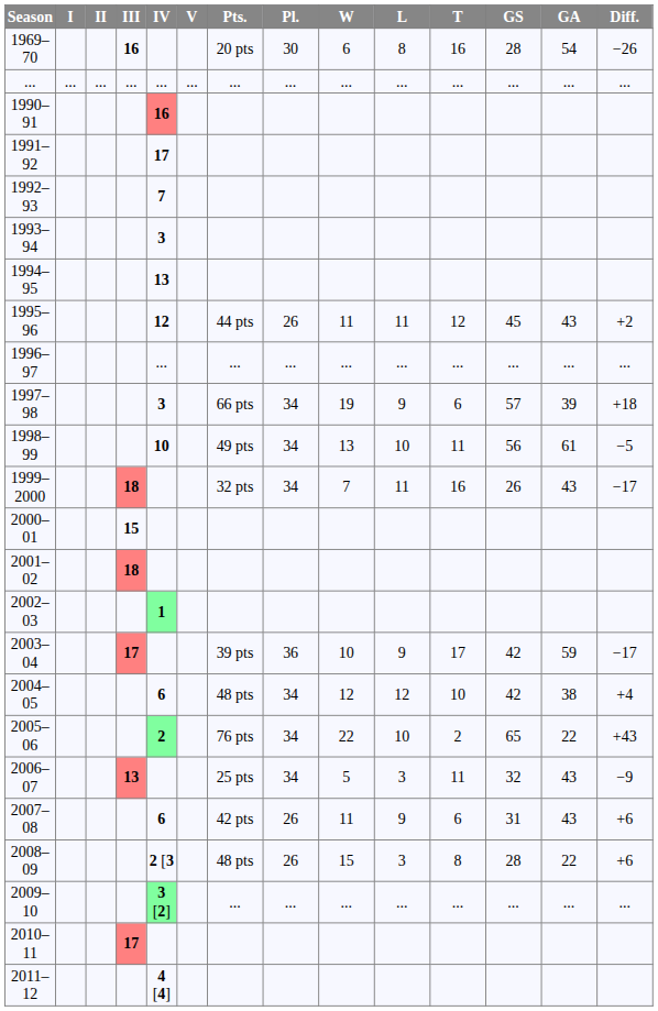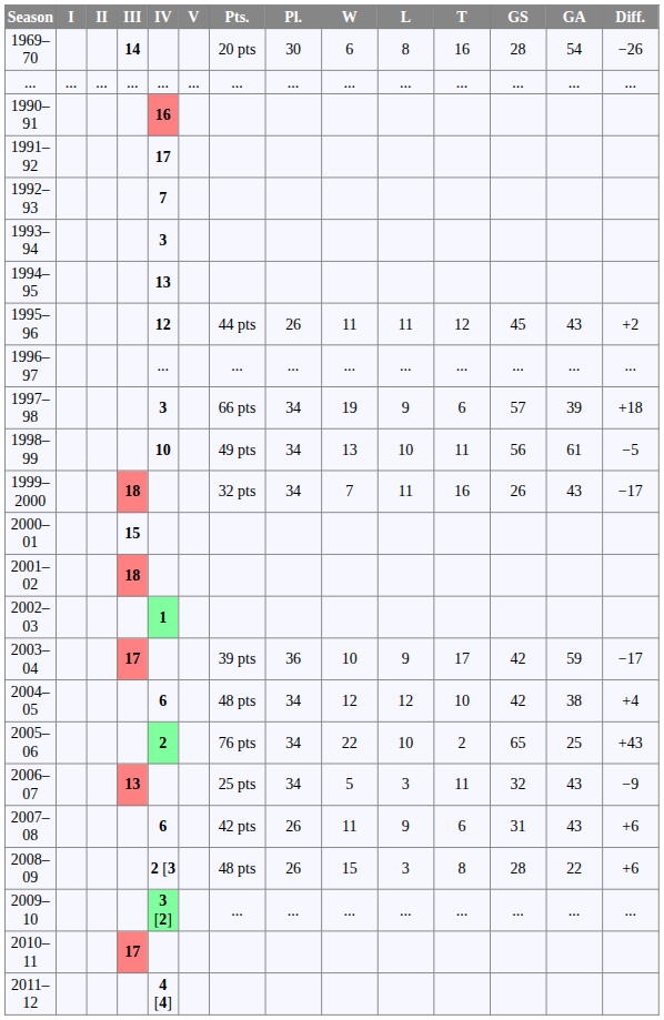 <table bgcolor="#f7f8ff" cellpadding="2" cellspacing="2" border="1" style="font-size: 95%; border: gray solid 1px; border-collapse: collapse; text-align:center">
 <tr bgcolor="#868686" style="color: #ffffff">
 <td width="20" align="center"><strong>Season</strong></td>
 <td width="25" align="center"><strong>I</strong></td>
 <td width="25" align="center"><strong>II</strong></td>
 <td width="25" align="center"><strong>III</strong></td>
 <td width="25" align="center"><strong>IV</strong></td>
 <td width="25" align="center"><strong>V</strong></td>
 <td width="50" align="center"><strong>Pts.</strong></td>
 <td width="50" align="center"><strong>Pl.</strong></td>
 <td width="50" align="center"><strong>W</strong></td>
 <td width="50" align="center"><strong>L</strong></td>
 <td width="50" align="center"><strong>T</strong></td>
 <td width="50" align="center"><strong>GS</strong></td>
 <td width="50" align="center"><strong>GA</strong></td>
 <td width="50" align="center"><strong>Diff.</strong></td>
 </tr>
 <tr>
 <td>1969–70</td>
 <td></td>
 <td></td>
-<td><strong>16</strong></td>
+<td><strong>14</strong></td>
 <td></td>
 <td></td>
 <td>20 pts</td>
 <td>30</td>
 <td>6</td>
 <td>8</td>
 <td>16</td>
 <td>28</td>
 <td>54</td>
 <td>−26</td>
 </tr>
 <tr>
 <td>...</td>
 <td>...</td>
 <td>...</td>
 <td>...</td>
 <td>...</td>
 <td>...</td>
 <td>...</td>
 <td>...</td>
 <td>...</td>
 <td>...</td>
 <td>...</td>
 <td>...</td>
 <td>...</td>
 <td>...</td>
 </tr>
 <tr>
 <td>1990–91</td>
 <td></td>
 <td></td>
 <td></td>
 <td bgcolor="#FF8080"><strong>16</strong></td>
 <td></td>
 <td></td>
 <td></td>
 <td></td>
 <td></td>
 <td></td>
 <td></td>
 <td></td>
 <td></td>
 </tr>
 <tr>
 <td>1991–92</td>
 <td></td>
 <td></td>
 <td></td>
 <td><strong>17</strong></td>
 <td></td>
 <td></td>
 <td></td>
 <td></td>
 <td></td>
 <td></td>
 <td></td>
 <td></td>
 <td></td>
 </tr>
 <tr>
 <td>1992–93</td>
 <td></td>
 <td></td>
 <td></td>
 <td><strong>7</strong></td>
 <td></td>
 <td></td>
 <td></td>
 <td></td>
 <td></td>
 <td></td>
 <td></td>
 <td></td>
 <td></td>
 </tr>
 <tr>
 <td>1993–94</td>
 <td></td>
 <td></td>
 <td></td>
 <td><strong>3</strong></td>
 <td></td>
 <td></td>
 <td></td>
 <td></td>
 <td></td>
 <td></td>
 <td></td>
 <td></td>
 <td></td>
 </tr>
 <tr>
 <td>1994–95</td>
 <td></td>
 <td></td>
 <td></td>
 <td><strong>13</strong></td>
 <td></td>
 <td></td>
 <td></td>
 <td></td>
 <td></td>
 <td></td>
 <td></td>
 <td></td>
 <td></td>
 </tr>
 <tr>
 <td>1995–96</td>
 <td></td>
 <td></td>
 <td></td>
 <td><strong>12</strong></td>
 <td></td>
 <td>44 pts</td>
 <td>26</td>
 <td>11</td>
 <td>11</td>
 <td>12</td>
 <td>45</td>
 <td>43</td>
 <td>+2</td>
 </tr>
 <tr>
 <td>1996–97</td>
 <td></td>
 <td></td>
 <td></td>
 <td>...</td>
 <td></td>
 <td>...</td>
 <td>...</td>
 <td>...</td>
 <td>...</td>
 <td>...</td>
 <td>...</td>
 <td>...</td>
 <td>...</td>
 </tr>
 <tr>
 <td>1997–98</td>
 <td></td>
 <td></td>
 <td></td>
 <td><strong>3</strong></td>
 <td></td>
 <td>66 pts</td>
 <td>34</td>
 <td>19</td>
 <td>9</td>
 <td>6</td>
 <td>57</td>
 <td>39</td>
 <td>+18</td>
 </tr>
 <tr>
 <td>1998–99</td>
 <td></td>
 <td></td>
 <td></td>
 <td><strong>10</strong></td>
 <td></td>
 <td>49 pts</td>
 <td>34</td>
 <td>13</td>
 <td>10</td>
 <td>11</td>
 <td>56</td>
 <td>61</td>
 <td>−5</td>
 </tr>
 <tr>
 <td>1999–2000</td>
 <td></td>
 <td></td>
 <td bgcolor="#FF8080"><strong>18</strong></td>
 <td></td>
 <td></td>
 <td>32 pts</td>
 <td>34</td>
 <td>7</td>
 <td>11</td>
 <td>16</td>
 <td>26</td>
 <td>43</td>
 <td>−17</td>
 </tr>
 <tr>
 <td>2000–01</td>
 <td></td>
 <td></td>
 <td><strong>15</strong></td>
 <td></td>
 <td></td>
 <td></td>
 <td></td>
 <td></td>
 <td></td>
 <td></td>
 <td></td>
 <td></td>
 <td></td>
 </tr>
 <tr>
 <td>2001–02</td>
 <td></td>
 <td></td>
 <td bgcolor="#FF8080"><strong>18</strong></td>
 <td></td>
 <td></td>
 <td></td>
 <td></td>
 <td></td>
 <td></td>
 <td></td>
 <td></td>
 <td></td>
 <td></td>
 </tr>
 <tr>
 <td>2002–03</td>
 <td></td>
 <td></td>
 <td></td>
 <td bgcolor="#80FF9F"><strong>1</strong></td>
 <td></td>
 <td></td>
 <td></td>
 <td></td>
 <td></td>
 <td></td>
 <td></td>
 <td></td>
 <td></td>
 </tr>
 <tr>
 <td>2003–04</td>
 <td></td>
 <td></td>
 <td bgcolor="#FF8080"><strong>17</strong></td>
 <td></td>
 <td></td>
 <td>39 pts</td>
 <td>36</td>
 <td>10</td>
 <td>9</td>
 <td>17</td>
 <td>42</td>
 <td>59</td>
 <td>−17</td>
 </tr>
 <tr>
 <td>2004–05</td>
 <td></td>
 <td></td>
 <td></td>
 <td><strong>6</strong></td>
 <td></td>
 <td>48 pts</td>
 <td>34</td>
 <td>12</td>
 <td>12</td>
 <td>10</td>
 <td>42</td>
 <td>38</td>
 <td>+4</td>
 </tr>
 <tr>
 <td>2005–06</td>
 <td></td>
 <td></td>
 <td></td>
 <td bgcolor="#80FF9F"><strong>2</strong></td>
 <td></td>
 <td>76 pts</td>
 <td>34</td>
 <td>22</td>
 <td>10</td>
 <td>2</td>
 <td>65</td>
-<td>22</td>
+<td>25</td>
 <td>+43</td>
 </tr>
 <tr>
 <td>2006–07</td>
 <td></td>
 <td></td>
 <td bgcolor="#FF8080"><strong>13</strong></td>
 <td></td>
 <td></td>
 <td>25 pts</td>
 <td>34</td>
 <td>5</td>
 <td>3</td>
 <td>11</td>
 <td>32</td>
 <td>43</td>
 <td>−9</td>
 </tr>
 <tr>
 <td>2007–08</td>
 <td></td>
 <td></td>
 <td></td>
 <td><strong>6</strong></td>
 <td></td>
 <td>42 pts</td>
 <td>26</td>
 <td>11</td>
 <td>9</td>
 <td>6</td>
 <td>31</td>
 <td>43</td>
 <td>+6</td>
 </tr>
 <tr>
 <td>2008–09</td>
 <td></td>
 <td></td>
 <td></td>
 <td><strong>2</strong> [<strong>3</strong></td>
 <td></td>
 <td>48 pts</td>
 <td>26</td>
 <td>15</td>
 <td>3</td>
 <td>8</td>
 <td>28</td>
 <td>22</td>
 <td>+6</td>
 </tr>
 <tr>
 <td>2009–10</td>
 <td></td>
 <td></td>
 <td></td>
 <td bgcolor="#80FF9F"><strong>3</strong> [<strong>2</strong>]</td>
 <td></td>
 <td>...</td>
 <td>...</td>
 <td>...</td>
 <td>...</td>
 <td>...</td>
 <td>...</td>
 <td>...</td>
 <td>...</td>
 </tr>
 <tr>
 <td>2010–11</td>
 <td></td>
 <td></td>
 <td bgcolor="#FF8080"><strong>17</strong></td>
 <td></td>
 <td></td>
 <td></td>
 <td></td>
 <td></td>
 <td></td>
 <td></td>
 <td></td>
 <td></td>
 <td></td>
 </tr>
 <tr>
 <td>2011–12</td>
 <td></td>
 <td></td>
 <td></td>
 <td><strong>4</strong> [<strong>4</strong>]</td>
 <td></td>
 <td></td>
 <td></td>
 <td></td>
 <td></td>
 <td></td>
 <td></td>
 <td></td>
 <td></td>
 </tr>
 </table>
